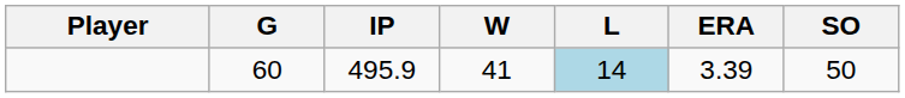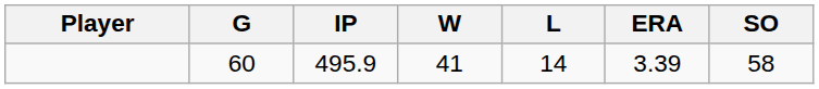 <table class="wikitable sortable">
 <tr>
 <th bgcolor="#DDDDFF" width="16%">Player</th>
 <th bgcolor="#DDDDFF" width="9%">G</th>
 <th bgcolor="#DDDDFF" width="9%">IP</th>
 <th bgcolor="#DDDDFF" width="9%">W</th>
 <th bgcolor="#DDDDFF" width="9%">L</th>
 <th bgcolor="#DDDDFF" width="9%">ERA</th>
 <th bgcolor="#DDDDFF" width="9%">SO</th>
 </tr>
 <tr align="center">
 <td></td>
 <td>60</td>
 <td>495.9</td>
 <td>41</td>
-<td style="background: lightblue;">14</td>
+<td>14</td>
 <td>3.39</td>
-<td>50</td>
+<td>58</td>
 </tr>
 </table>
